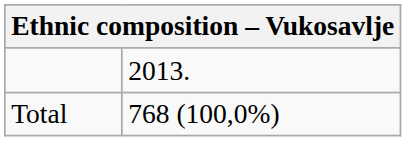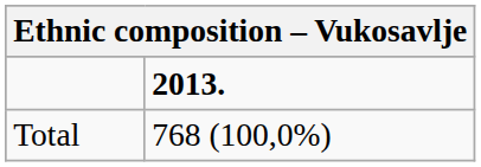 <table class="wikitable">
 <tr>
 <th colspan="8">Ethnic composition – Vukosavlje</th>
 </tr>
 <tr>
 <td></td>
-<td>2013.</td>
+<td><strong>2013.</strong></td>
 </tr>
 <tr>
 <td>Total</td>
 <td>768 (100,0%)</td>
 </tr>
 </table>
